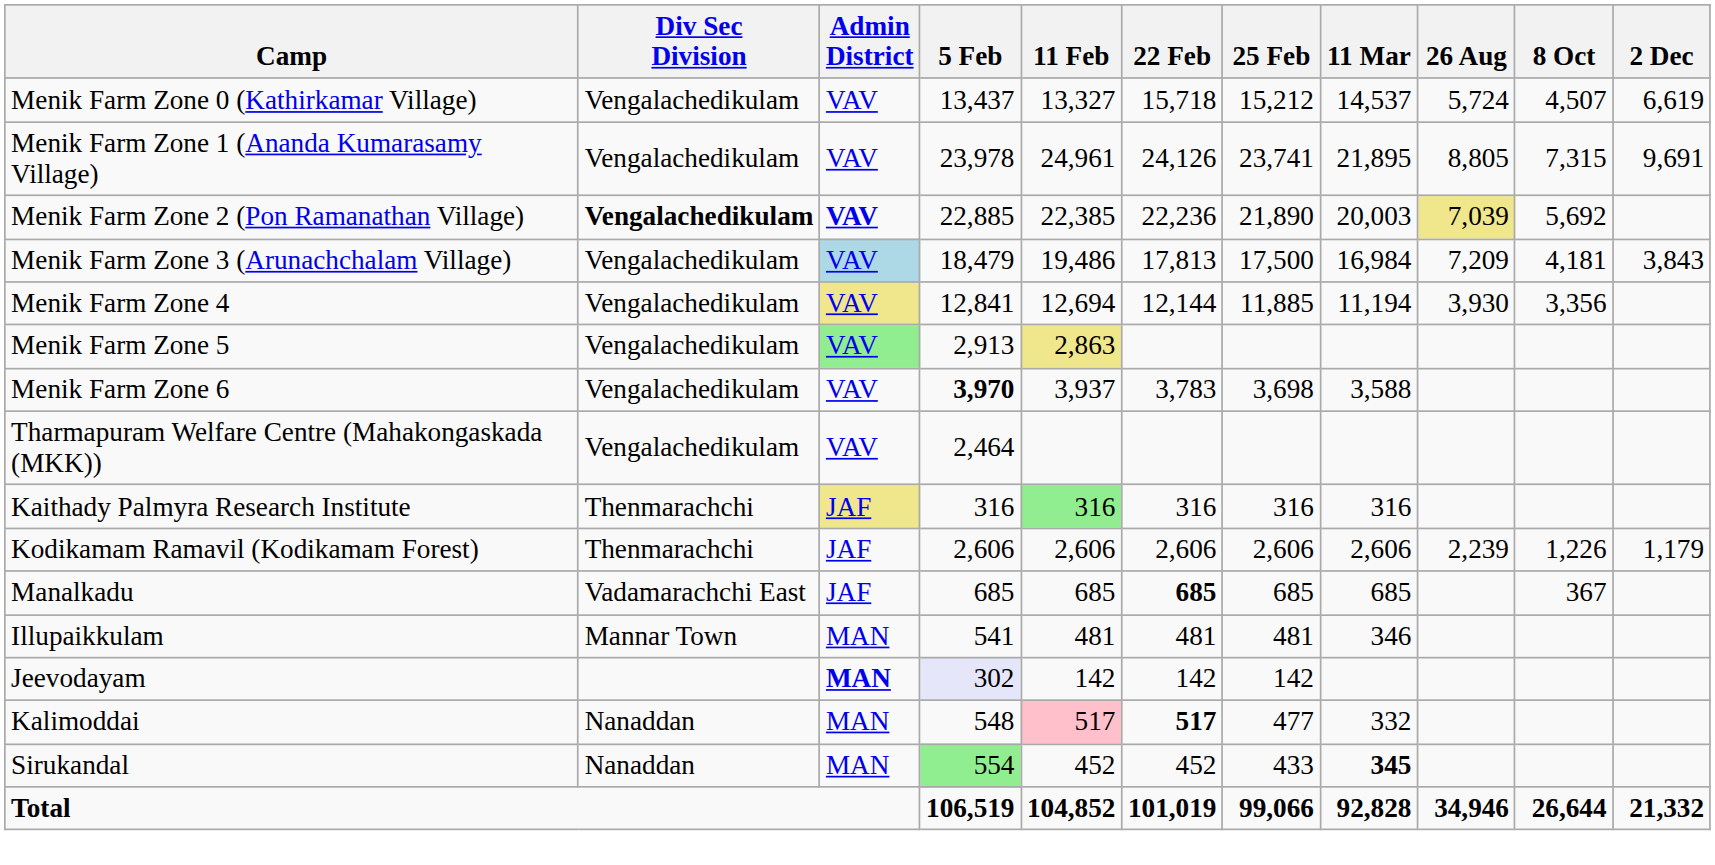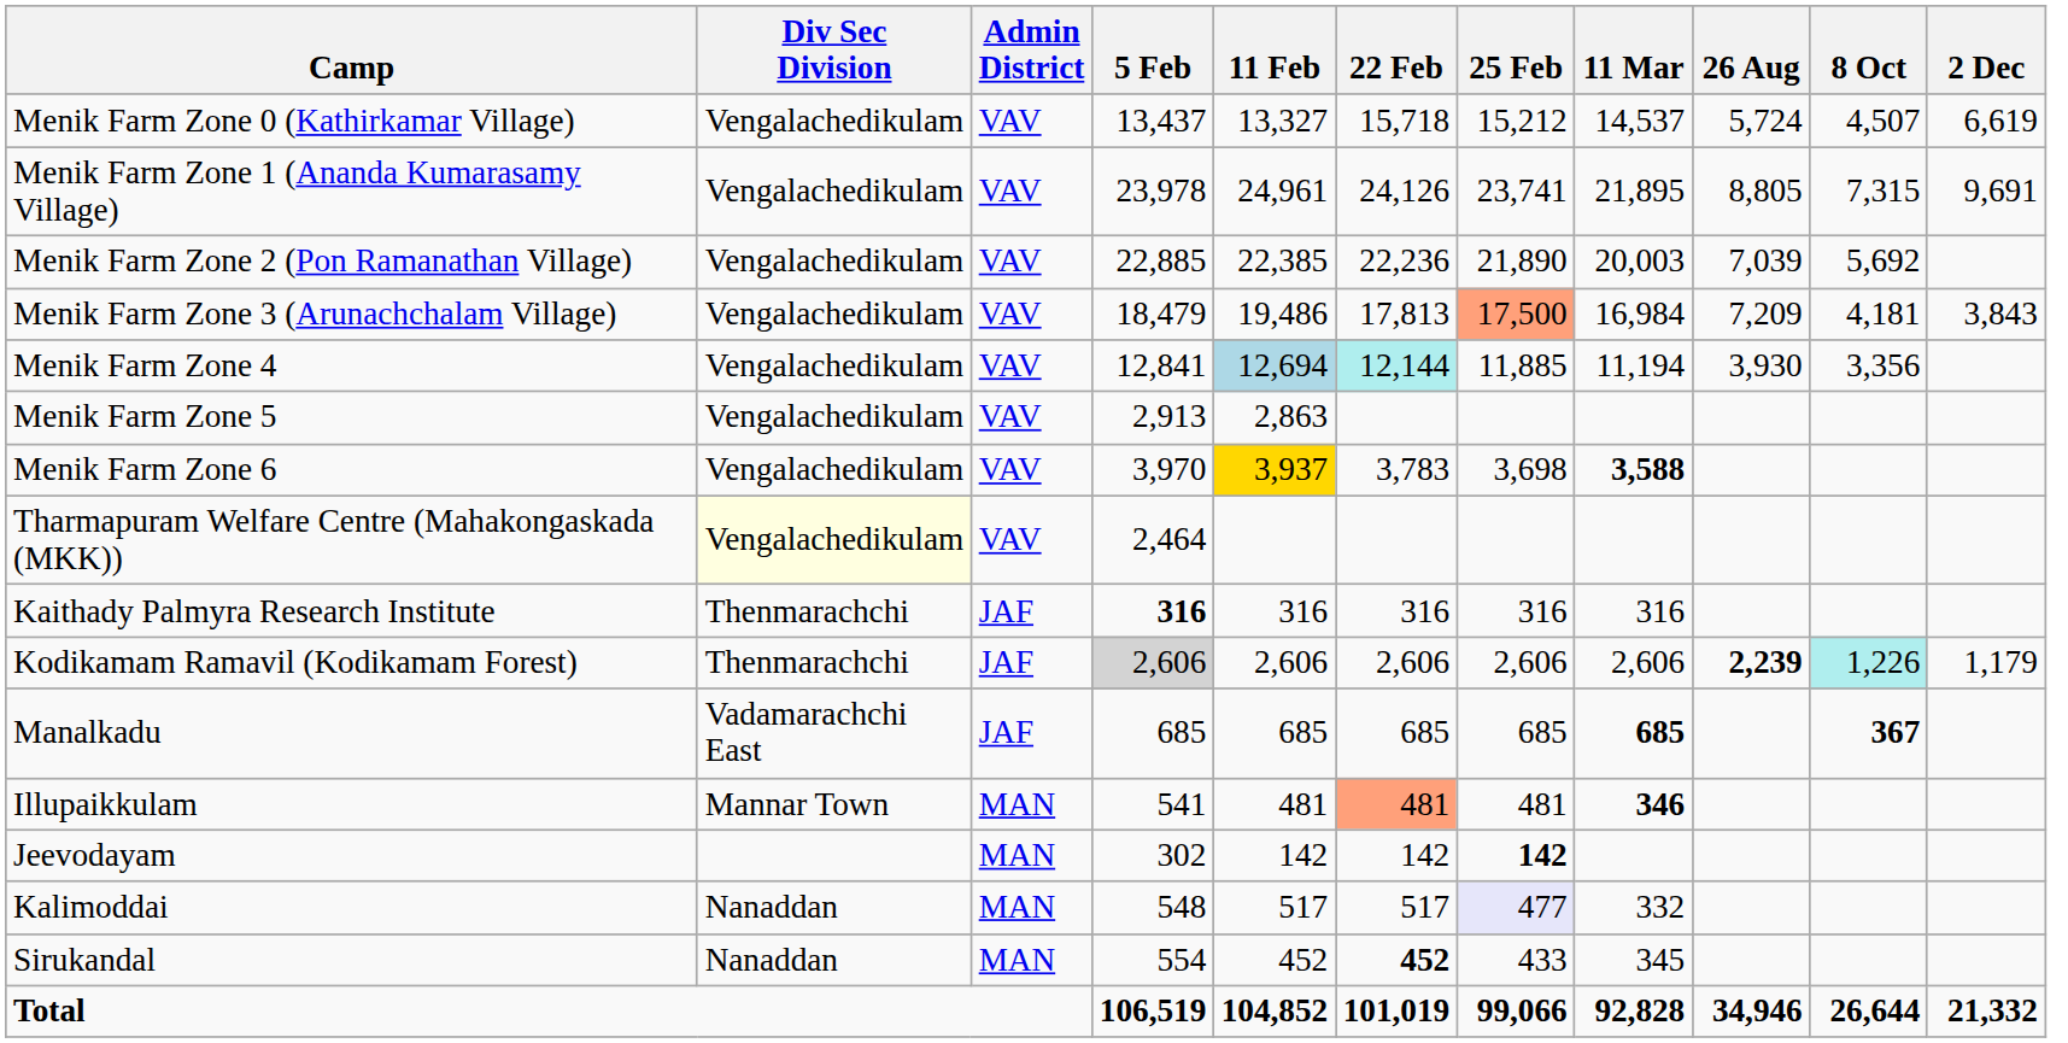 <table class="wikitable sortable" border="1" style="text-align:right;">
 <tr>
 <th valign=bottom width="330">Camp<br></th>
 <th valign=bottom width="120"><a href='#'>Div Sec<br>Division</a><br></th>
 <th valign=bottom width="10"><a href='#'>Admin<br>District</a><br></th>
 <th valign=bottom width="50">5 Feb<br></th>
 <th valign=bottom width="50">11 Feb<br></th>
 <th valign=bottom width="50">22 Feb<br></th>
 <th valign=bottom width="50">25 Feb<br></th>
 <th valign=bottom width="50">11 Mar<br></th>
 <th valign=bottom width="50">26 Aug<br></th>
 <th valign=bottom width="50">8 Oct<br></th>
 <th valign=bottom width="50">2 Dec<br></th>
 </tr>
 <tr>
 <td align=left>Menik Farm Zone 0 (<a href='#'>Kathirkamar</a> Village)</td>
 <td align=left>Vengalachedikulam</td>
 <td align=left><a href='#'>VAV</a></td>
 <td>13,437</td>
 <td>13,327</td>
 <td>15,718</td>
 <td>15,212</td>
 <td>14,537</td>
 <td>5,724</td>
 <td>4,507</td>
 <td>6,619</td>
 </tr>
 <tr>
 <td align=left>Menik Farm Zone 1 (<a href='#'>Ananda Kumarasamy</a> Village)</td>
 <td align=left>Vengalachedikulam</td>
 <td align=left><a href='#'>VAV</a></td>
 <td>23,978</td>
 <td>24,961</td>
 <td>24,126</td>
 <td>23,741</td>
 <td>21,895</td>
 <td>8,805</td>
 <td>7,315</td>
 <td>9,691</td>
 </tr>
 <tr>
 <td align=left>Menik Farm Zone 2 (<a href='#'>Pon Ramanathan</a> Village)</td>
-<td align=left><strong>Vengalachedikulam</strong></td>
-<td align=left><strong><a href='#'>VAV</a></strong></td>
+<td align=left>Vengalachedikulam</td>
+<td align=left><a href='#'>VAV</a></td>
 <td>22,885</td>
 <td>22,385</td>
 <td>22,236</td>
 <td>21,890</td>
 <td>20,003</td>
-<td style="background: khaki;">7,039</td>
+<td>7,039</td>
 <td>5,692</td>
 <td></td>
 </tr>
 <tr>
 <td align=left>Menik Farm Zone 3 (<a href='#'>Arunachchalam</a> Village)</td>
 <td align=left>Vengalachedikulam</td>
-<td align=left style="background: lightblue;"><a href='#'>VAV</a></td>
+<td align=left><a href='#'>VAV</a></td>
 <td>18,479</td>
 <td>19,486</td>
 <td>17,813</td>
-<td>17,500</td>
+<td style="background: lightsalmon;">17,500</td>
 <td>16,984</td>
 <td>7,209</td>
 <td>4,181</td>
 <td>3,843</td>
 </tr>
 <tr>
 <td align=left>Menik Farm Zone 4</td>
 <td align=left>Vengalachedikulam</td>
-<td align=left style="background: khaki;"><a href='#'>VAV</a></td>
+<td align=left><a href='#'>VAV</a></td>
 <td>12,841</td>
-<td>12,694</td>
-<td>12,144</td>
+<td style="background: lightblue;">12,694</td>
+<td style="background: paleturquoise;">12,144</td>
 <td>11,885</td>
 <td>11,194</td>
 <td>3,930</td>
 <td>3,356</td>
 <td></td>
 </tr>
 <tr>
 <td align=left>Menik Farm Zone 5</td>
 <td align=left>Vengalachedikulam</td>
-<td align=left style="background: lightgreen;"><a href='#'>VAV</a></td>
+<td align=left><a href='#'>VAV</a></td>
 <td>2,913</td>
-<td style="background: khaki;">2,863</td>
+<td>2,863</td>
 <td></td>
 <td></td>
 <td></td>
 <td></td>
 <td></td>
 <td></td>
 </tr>
 <tr>
 <td align=left>Menik Farm Zone 6</td>
 <td align=left>Vengalachedikulam</td>
 <td align=left><a href='#'>VAV</a></td>
-<td><strong>3,970</strong></td>
-<td>3,937</td>
+<td>3,970</td>
+<td style="background: gold;">3,937</td>
 <td>3,783</td>
 <td>3,698</td>
-<td>3,588</td>
+<td><strong>3,588</strong></td>
 <td></td>
 <td></td>
 <td></td>
 </tr>
 <tr>
 <td align=left>Tharmapuram Welfare Centre (Mahakongaskada (MKK))</td>
-<td align=left>Vengalachedikulam</td>
+<td align=left style="background: lightyellow;">Vengalachedikulam</td>
 <td align=left><a href='#'>VAV</a></td>
 <td>2,464</td>
 <td></td>
 <td></td>
 <td></td>
 <td></td>
 <td></td>
 <td></td>
 <td></td>
 </tr>
 <tr>
 <td align=left>Kaithady Palmyra Research Institute</td>
 <td align=left>Thenmarachchi</td>
-<td align=left style="background: khaki;"><a href='#'>JAF</a></td>
+<td align=left><a href='#'>JAF</a></td>
+<td><strong>316</strong></td>
 <td>316</td>
-<td style="background: lightgreen;">316</td>
 <td>316</td>
 <td>316</td>
 <td>316</td>
 <td></td>
 <td></td>
 <td></td>
 </tr>
 <tr>
 <td align=left>Kodikamam Ramavil (Kodikamam Forest)</td>
 <td align=left>Thenmarachchi</td>
 <td align=left><a href='#'>JAF</a></td>
+<td style="background: lightgrey;">2,606</td>
 <td>2,606</td>
 <td>2,606</td>
 <td>2,606</td>
 <td>2,606</td>
-<td>2,606</td>
-<td>2,239</td>
-<td>1,226</td>
+<td><strong>2,239</strong></td>
+<td style="background: paleturquoise;">1,226</td>
 <td>1,179</td>
 </tr>
 <tr>
 <td align=left>Manalkadu</td>
 <td align=left>Vadamarachchi East</td>
 <td align=left><a href='#'>JAF</a></td>
 <td>685</td>
 <td>685</td>
-<td><strong>685</strong></td>
 <td>685</td>
 <td>685</td>
+<td><strong>685</strong></td>
 <td></td>
-<td>367</td>
+<td><strong>367</strong></td>
 <td></td>
 </tr>
 <tr>
 <td align=left>Illupaikkulam</td>
 <td align=left>Mannar Town</td>
 <td align=left><a href='#'>MAN</a></td>
 <td>541</td>
 <td>481</td>
+<td style="background: lightsalmon;">481</td>
 <td>481</td>
-<td>481</td>
-<td>346</td>
+<td><strong>346</strong></td>
 <td></td>
 <td></td>
 <td></td>
 </tr>
 <tr>
 <td align=left>Jeevodayam</td>
 <td></td>
-<td align=left><strong><a href='#'>MAN</a></strong></td>
-<td style="background: lavender;">302</td>
+<td align=left><a href='#'>MAN</a></td>
+<td>302</td>
 <td>142</td>
 <td>142</td>
-<td>142</td>
+<td><strong>142</strong></td>
 <td></td>
 <td></td>
 <td></td>
 <td></td>
 </tr>
 <tr>
 <td align=left>Kalimoddai</td>
 <td align=left>Nanaddan</td>
 <td align=left><a href='#'>MAN</a></td>
 <td>548</td>
-<td style="background: pink;">517</td>
-<td><strong>517</strong></td>
-<td>477</td>
+<td>517</td>
+<td>517</td>
+<td style="background: lavender;">477</td>
 <td>332</td>
 <td></td>
 <td></td>
 <td></td>
 </tr>
 <tr>
 <td align=left>Sirukandal</td>
 <td align=left>Nanaddan</td>
 <td align=left><a href='#'>MAN</a></td>
-<td style="background: lightgreen;">554</td>
+<td>554</td>
 <td>452</td>
-<td>452</td>
+<td><strong>452</strong></td>
 <td>433</td>
-<td><strong>345</strong></td>
+<td>345</td>
 <td></td>
 <td></td>
 <td></td>
 </tr>
 <tr>
 <td align=left colspan=3><strong>Total</strong></td>
 <td><strong>106,519</strong></td>
 <td><strong>104,852</strong></td>
 <td><strong>101,019</strong></td>
 <td><strong>99,066</strong></td>
 <td><strong>92,828</strong></td>
 <td><strong>34,946</strong></td>
 <td><strong>26,644</strong></td>
 <td><strong>21,332</strong></td>
 </tr>
 </table>
